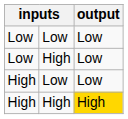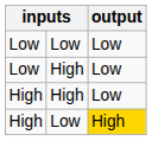 <table class="wikitable">
 <tr>
 <th colspan="2">inputs</th>
 <th>output</th>
 </tr>
 <tr>
 <td>Low</td>
 <td>Low</td>
 <td>Low</td>
 </tr>
 <tr>
 <td>Low</td>
 <td>High</td>
 <td>Low</td>
 </tr>
 <tr>
 <td>High</td>
-<td>Low</td>
+<td>High</td>
 <td>Low</td>
 </tr>
 <tr>
 <td>High</td>
-<td>High</td>
+<td>Low</td>
 <td style="background: gold;">High</td>
 </tr>
 </table>
